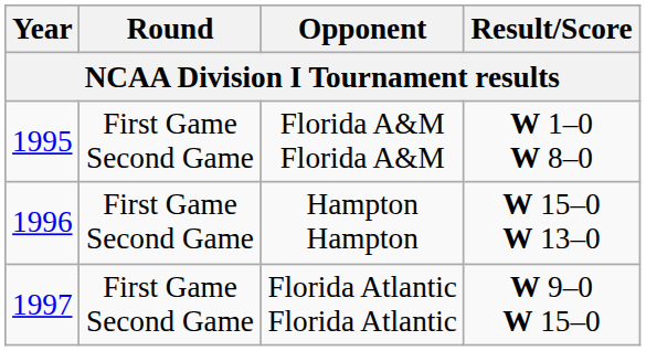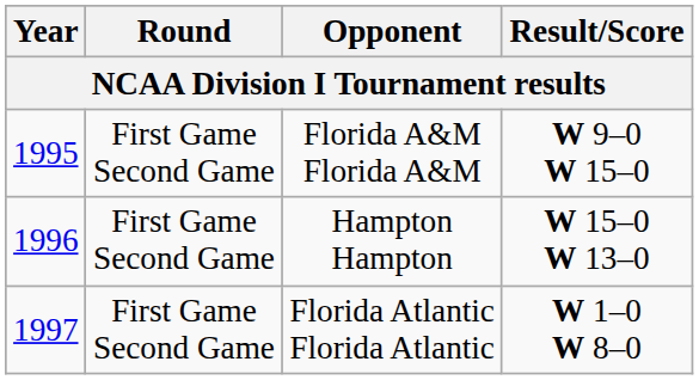 <table class="wikitable">
 <tr>
 <th>Year</th>
 <th>Round</th>
 <th>Opponent</th>
 <th>Result/Score</th>
 </tr>
 <tr>
 <th colspan=4>NCAA Division I Tournament results</th>
 </tr>
 <tr align="center">
 <td><a href='#'>1995</a></td>
 <td>First Game<br>Second Game</td>
 <td>Florida A&M<br>Florida A&M</td>
-<td><strong>W</strong> 1–0<br><strong>W</strong> 8–0</td>
+<td><strong>W</strong> 9–0<br><strong>W</strong> 15–0</td>
 </tr>
 <tr align="center">
 <td><a href='#'>1996</a></td>
 <td>First Game<br>Second Game</td>
 <td>Hampton<br>Hampton</td>
 <td><strong>W</strong> 15–0<br><strong>W</strong> 13–0</td>
 </tr>
 <tr align="center">
 <td><a href='#'>1997</a></td>
 <td>First Game<br>Second Game</td>
 <td>Florida Atlantic<br>Florida Atlantic</td>
-<td><strong>W</strong> 9–0<br><strong>W</strong> 15–0</td>
+<td><strong>W</strong> 1–0<br><strong>W</strong> 8–0</td>
 </tr>
 </table>
